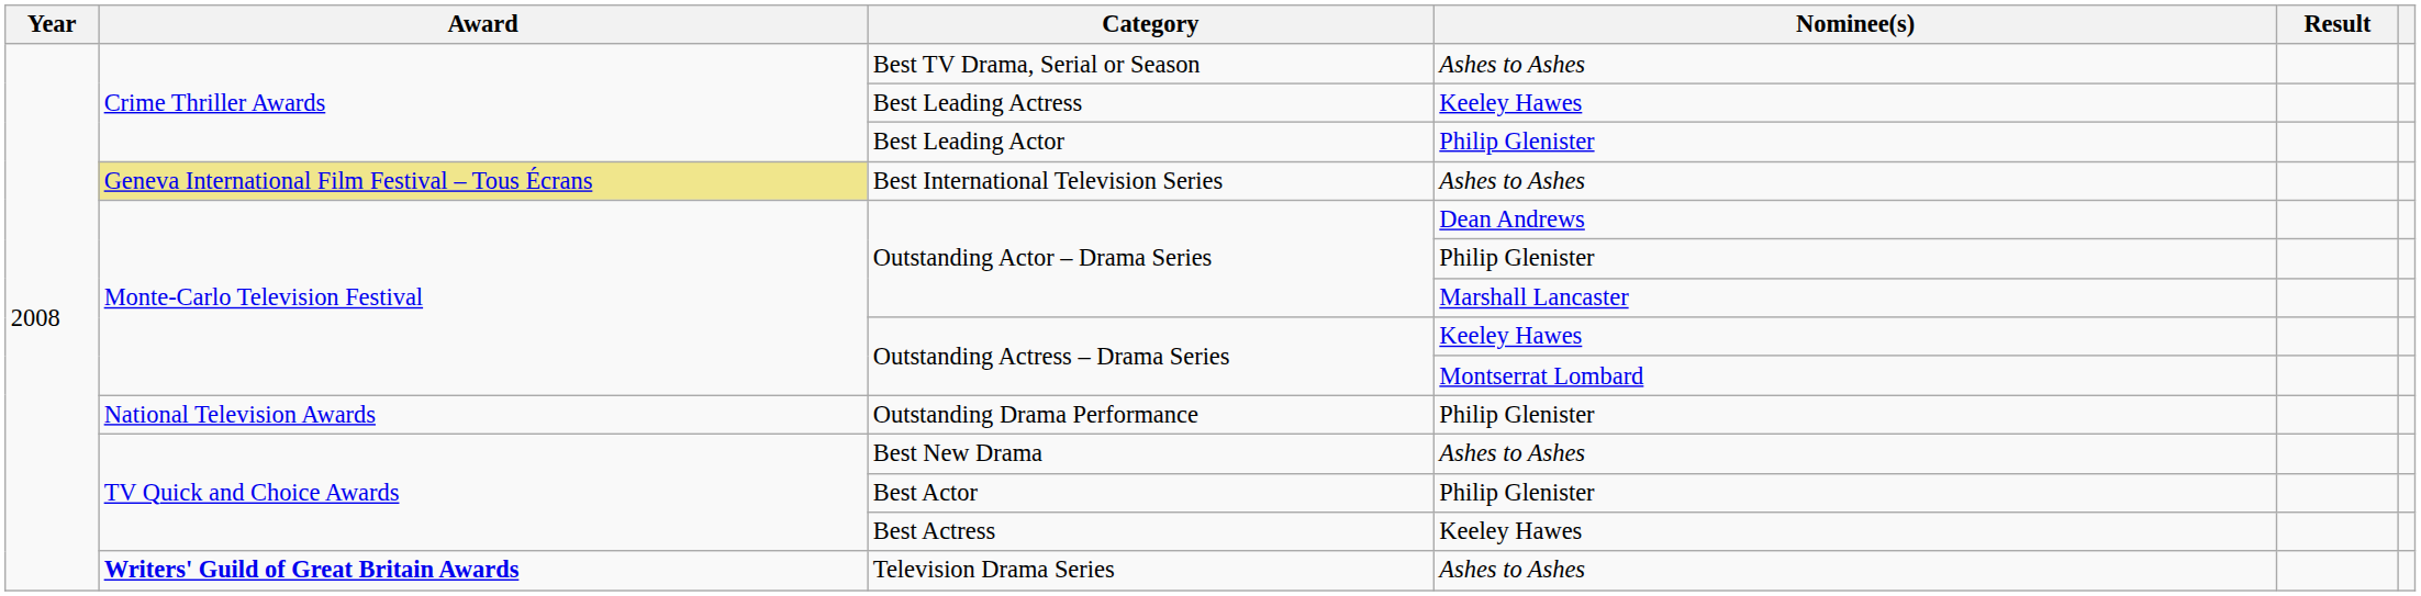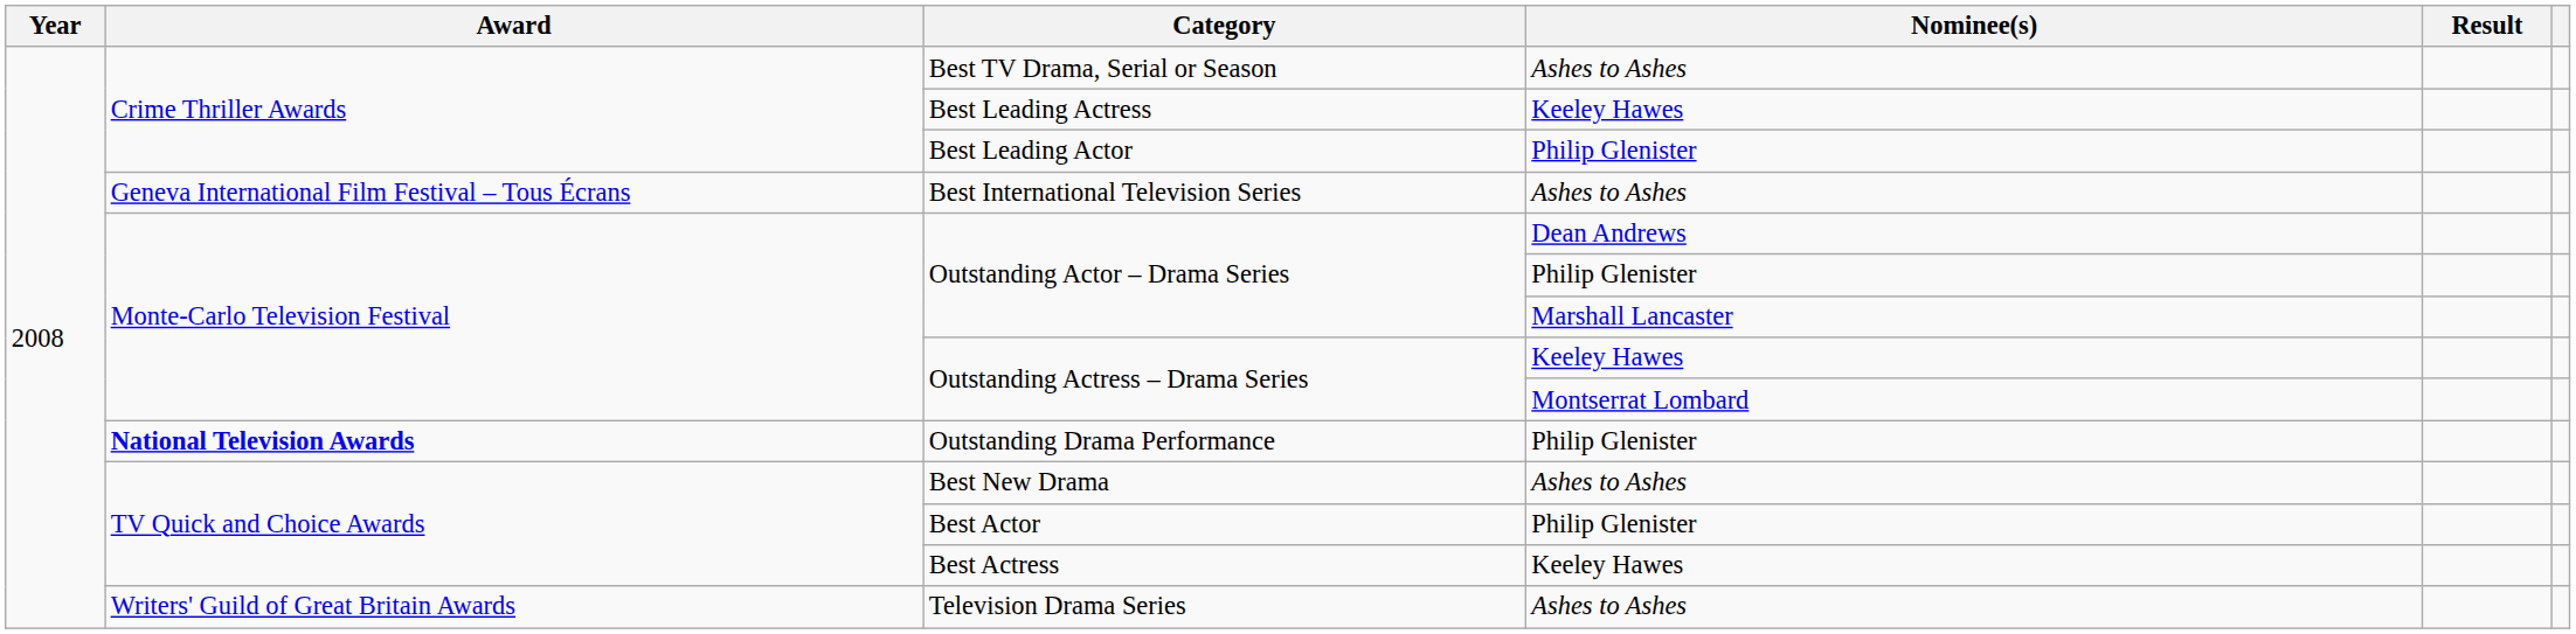 <table class="wikitable sortable plainrowheaders" style="width:99%;">
 <tr>
 <th scope="col">Year</th>
 <th scope="col">Award</th>
 <th scope="col">Category</th>
 <th scope="col" style="width:35%;">Nominee(s)</th>
 <th scope="col">Result</th>
 <th scope="col" class="unsortable"></th>
 </tr>
 <tr>
 <td rowspan="14">2008</td>
 <td rowspan="3"><a href='#'>Crime Thriller Awards</a></td>
 <td>Best TV Drama, Serial or Season</td>
 <td><em>Ashes to Ashes</em></td>
 <td></td>
 <td style="text-align:center;"></td>
 </tr>
 <tr>
 <td>Best Leading Actress</td>
 <td><a href='#'>Keeley Hawes</a></td>
 <td></td>
 <td style="text-align:center;"></td>
 </tr>
 <tr>
 <td>Best Leading Actor</td>
 <td><a href='#'>Philip Glenister</a></td>
 <td></td>
 <td style="text-align:center;"></td>
 </tr>
 <tr>
-<td style="background: khaki;"><a href='#'>Geneva International Film Festival – Tous Écrans</a></td>
+<td><a href='#'>Geneva International Film Festival – Tous Écrans</a></td>
 <td>Best International Television Series</td>
 <td><em>Ashes to Ashes</em></td>
 <td></td>
 <td style="text-align:center;"></td>
 </tr>
 <tr>
 <td rowspan="5"><a href='#'>Monte-Carlo Television Festival</a></td>
 <td rowspan ="3">Outstanding Actor – Drama Series</td>
 <td><a href='#'>Dean Andrews</a></td>
 <td></td>
 <td style="text-align:center;"></td>
 </tr>
 <tr>
 <td>Philip Glenister</td>
 <td></td>
 <td style="text-align:center;"></td>
 </tr>
 <tr>
 <td><a href='#'>Marshall Lancaster</a></td>
 <td></td>
 <td style="text-align:center;"></td>
 </tr>
 <tr>
 <td rowspan ="2">Outstanding Actress – Drama Series</td>
 <td><a href='#'>Keeley Hawes</a></td>
 <td></td>
 <td style="text-align:center;"></td>
 </tr>
 <tr>
 <td><a href='#'>Montserrat Lombard</a></td>
 <td></td>
 <td style="text-align:center;"></td>
 </tr>
 <tr>
-<td><a href='#'>National Television Awards</a></td>
+<td><strong><a href='#'>National Television Awards</a></strong></td>
 <td>Outstanding Drama Performance</td>
 <td>Philip Glenister</td>
 <td></td>
 <td style="text-align:center;"></td>
 </tr>
 <tr>
 <td rowspan="3"><a href='#'>TV Quick and Choice Awards</a></td>
 <td>Best New Drama</td>
 <td><em>Ashes to Ashes</em></td>
 <td></td>
 <td></td>
 </tr>
 <tr>
 <td>Best Actor</td>
 <td>Philip Glenister</td>
 <td></td>
 <td></td>
 </tr>
 <tr>
 <td>Best Actress</td>
 <td>Keeley Hawes</td>
 <td></td>
 <td></td>
 </tr>
 <tr>
-<td><strong><a href='#'>Writers' Guild of Great Britain Awards</a></strong></td>
+<td><a href='#'>Writers' Guild of Great Britain Awards</a></td>
 <td>Television Drama Series</td>
 <td><em>Ashes to Ashes</em></td>
 <td></td>
 <td style="text-align:center;"></td>
 </tr>
 </table>
